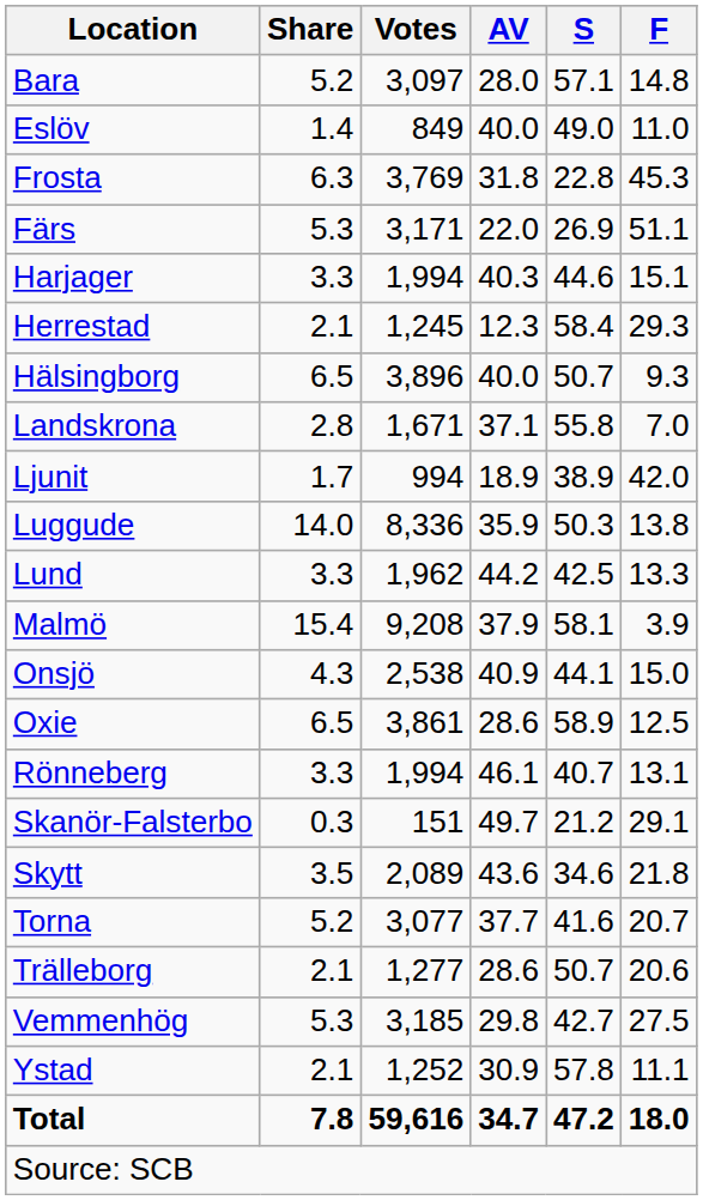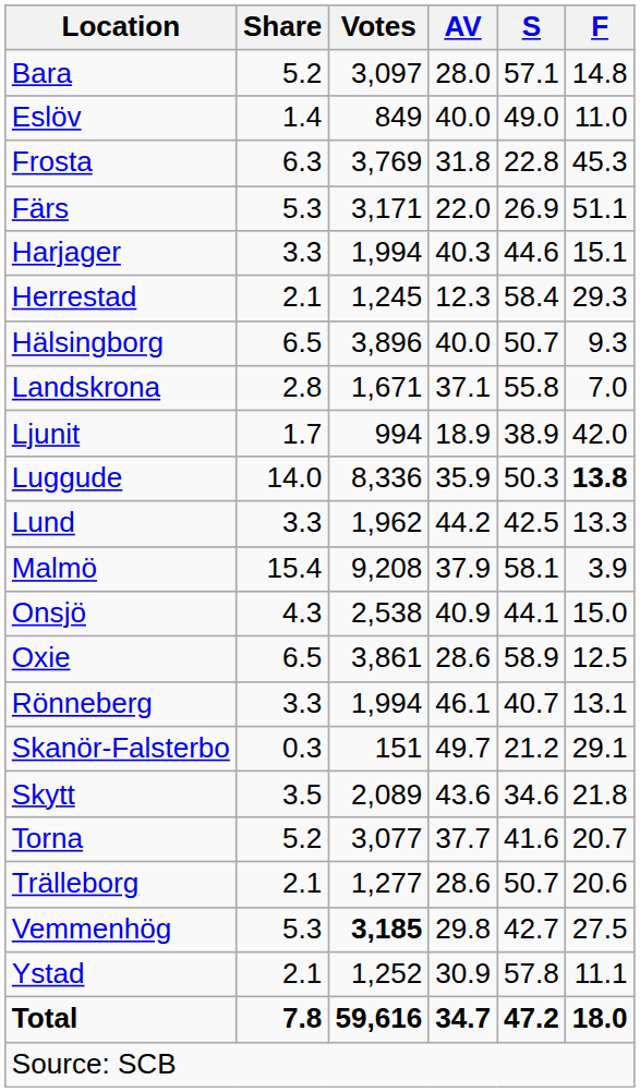 <table class="wikitable sortable" style=text-align:right>
 <tr>
 <th>Location</th>
 <th>Share</th>
 <th>Votes</th>
 <th><a href='#'>AV</a></th>
 <th><a href='#'>S</a></th>
 <th><a href='#'>F</a></th>
 </tr>
 <tr>
 <td align=left><a href='#'>Bara</a></td>
 <td>5.2</td>
 <td>3,097</td>
 <td>28.0</td>
 <td>57.1</td>
 <td>14.8</td>
 </tr>
 <tr>
 <td align=left><a href='#'>Eslöv</a></td>
 <td>1.4</td>
 <td>849</td>
 <td>40.0</td>
 <td>49.0</td>
 <td>11.0</td>
 </tr>
 <tr>
 <td align=left><a href='#'>Frosta</a></td>
 <td>6.3</td>
 <td>3,769</td>
 <td>31.8</td>
 <td>22.8</td>
 <td>45.3</td>
 </tr>
 <tr>
 <td align=left><a href='#'>Färs</a></td>
 <td>5.3</td>
 <td>3,171</td>
 <td>22.0</td>
 <td>26.9</td>
 <td>51.1</td>
 </tr>
 <tr>
 <td align=left><a href='#'>Harjager</a></td>
 <td>3.3</td>
 <td>1,994</td>
 <td>40.3</td>
 <td>44.6</td>
 <td>15.1</td>
 </tr>
 <tr>
 <td align=left><a href='#'>Herrestad</a></td>
 <td>2.1</td>
 <td>1,245</td>
 <td>12.3</td>
 <td>58.4</td>
 <td>29.3</td>
 </tr>
 <tr>
 <td align=left><a href='#'>Hälsingborg</a></td>
 <td>6.5</td>
 <td>3,896</td>
 <td>40.0</td>
 <td>50.7</td>
 <td>9.3</td>
 </tr>
 <tr>
 <td align=left><a href='#'>Landskrona</a></td>
 <td>2.8</td>
 <td>1,671</td>
 <td>37.1</td>
 <td>55.8</td>
 <td>7.0</td>
 </tr>
 <tr>
 <td align=left><a href='#'>Ljunit</a></td>
 <td>1.7</td>
 <td>994</td>
 <td>18.9</td>
 <td>38.9</td>
 <td>42.0</td>
 </tr>
 <tr>
 <td align=left><a href='#'>Luggude</a></td>
 <td>14.0</td>
 <td>8,336</td>
 <td>35.9</td>
 <td>50.3</td>
-<td>13.8</td>
+<td><strong>13.8</strong></td>
 </tr>
 <tr>
 <td align=left><a href='#'>Lund</a></td>
 <td>3.3</td>
 <td>1,962</td>
 <td>44.2</td>
 <td>42.5</td>
 <td>13.3</td>
 </tr>
 <tr>
 <td align=left><a href='#'>Malmö</a></td>
 <td>15.4</td>
 <td>9,208</td>
 <td>37.9</td>
 <td>58.1</td>
 <td>3.9</td>
 </tr>
 <tr>
 <td align=left><a href='#'>Onsjö</a></td>
 <td>4.3</td>
 <td>2,538</td>
 <td>40.9</td>
 <td>44.1</td>
 <td>15.0</td>
 </tr>
 <tr>
 <td align=left><a href='#'>Oxie</a></td>
 <td>6.5</td>
 <td>3,861</td>
 <td>28.6</td>
 <td>58.9</td>
 <td>12.5</td>
 </tr>
 <tr>
 <td align=left><a href='#'>Rönneberg</a></td>
 <td>3.3</td>
 <td>1,994</td>
 <td>46.1</td>
 <td>40.7</td>
 <td>13.1</td>
 </tr>
 <tr>
 <td align=left><a href='#'>Skanör-Falsterbo</a></td>
 <td>0.3</td>
 <td>151</td>
 <td>49.7</td>
 <td>21.2</td>
 <td>29.1</td>
 </tr>
 <tr>
 <td align=left><a href='#'>Skytt</a></td>
 <td>3.5</td>
 <td>2,089</td>
 <td>43.6</td>
 <td>34.6</td>
 <td>21.8</td>
 </tr>
 <tr>
 <td align=left><a href='#'>Torna</a></td>
 <td>5.2</td>
 <td>3,077</td>
 <td>37.7</td>
 <td>41.6</td>
 <td>20.7</td>
 </tr>
 <tr>
 <td align=left><a href='#'>Trälleborg</a></td>
 <td>2.1</td>
 <td>1,277</td>
 <td>28.6</td>
 <td>50.7</td>
 <td>20.6</td>
 </tr>
 <tr>
 <td align=left><a href='#'>Vemmenhög</a></td>
 <td>5.3</td>
-<td>3,185</td>
+<td><strong>3,185</strong></td>
 <td>29.8</td>
 <td>42.7</td>
 <td>27.5</td>
 </tr>
 <tr>
 <td align=left><a href='#'>Ystad</a></td>
 <td>2.1</td>
 <td>1,252</td>
 <td>30.9</td>
 <td>57.8</td>
 <td>11.1</td>
 </tr>
 <tr>
 <td align=left><strong>Total</strong></td>
 <td><strong>7.8</strong></td>
 <td><strong>59,616</strong></td>
 <td><strong>34.7</strong></td>
 <td><strong>47.2</strong></td>
 <td><strong>18.0</strong></td>
 </tr>
 <tr>
 <td align=left colspan=6>Source: SCB </td>
 </tr>
 </table>
